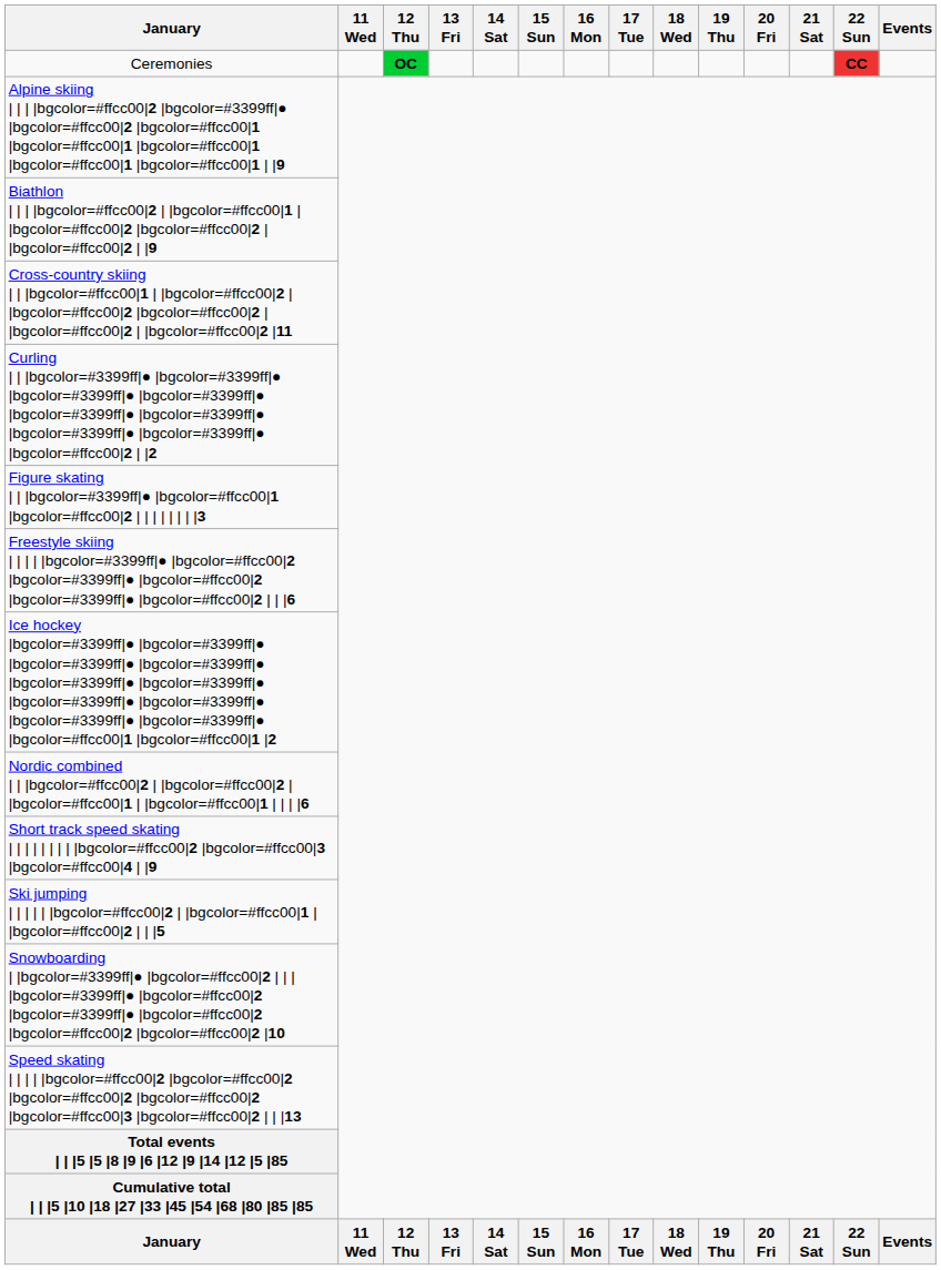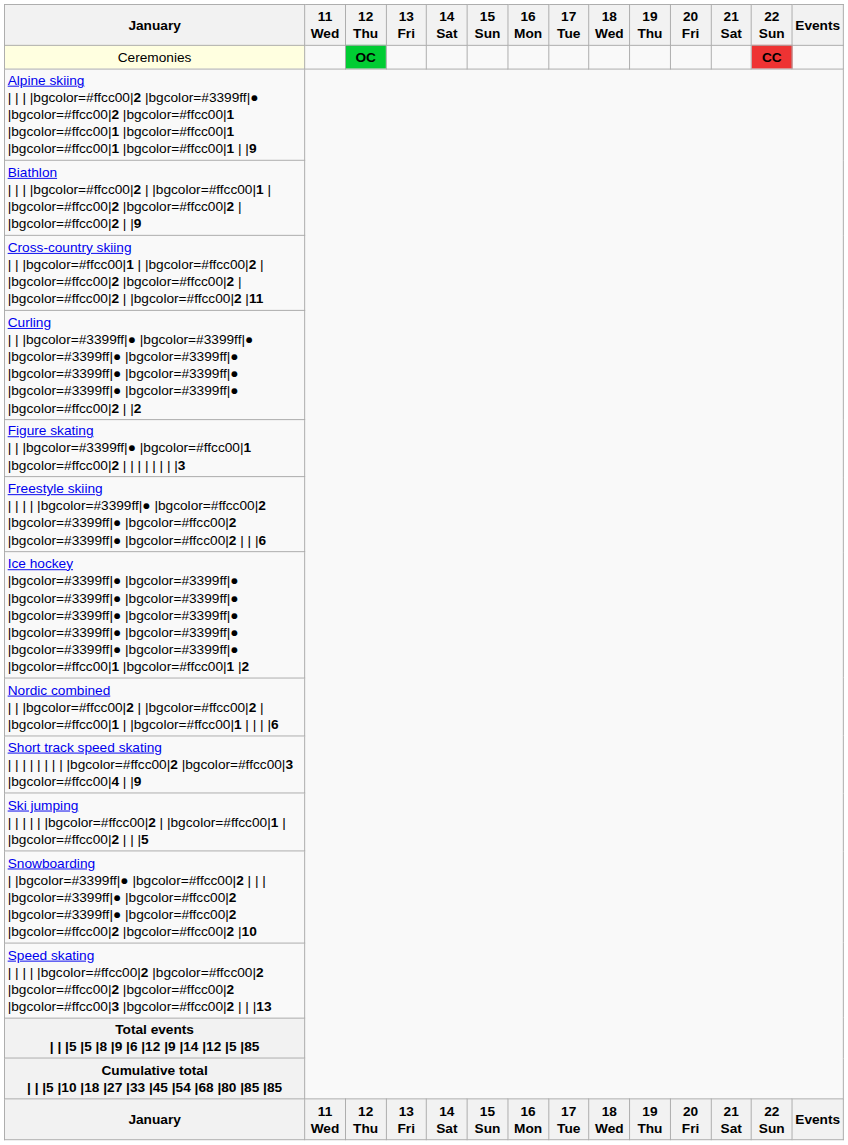 <table class="wikitable" style="text-align:center; margin:0.5em auto; font-size:90%; line-height:1.25em">
 <tr>
 <th>January</th>
 <th style="width:2.5em">11<br>Wed</th>
 <th style="width:2.5em">12<br>Thu</th>
 <th style="width:2.5em">13<br>Fri</th>
 <th style="width:2.5em">14<br>Sat</th>
 <th style="width:2.5em">15<br>Sun</th>
 <th style="width:2.5em">16<br>Mon</th>
 <th style="width:2.5em">17<br>Tue</th>
 <th style="width:2.5em">18<br>Wed</th>
 <th style="width:2.5em">19<br>Thu</th>
 <th style="width:2.5em">20<br>Fri</th>
 <th style="width:2.5em">21<br>Sat</th>
 <th style="width:2.5em">22<br>Sun</th>
 <th>Events</th>
 </tr>
 <tr>
-<td>Ceremonies</td>
+<td style="background: lightyellow;">Ceremonies</td>
 <td></td>
 <td style="background:#00cc33; text-align:center"><strong>OC</strong></td>
 <td></td>
 <td></td>
 <td></td>
 <td></td>
 <td></td>
 <td></td>
 <td></td>
 <td></td>
 <td></td>
 <td style="background:#ee3333; text-align:center"><strong>CC</strong></td>
 <td></td>
 </tr>
 <tr>
 <td style="text-align:left"> <a href='#'>Alpine skiing</a><br>| | | |bgcolor=#ffcc00|<strong>2</strong> |bgcolor=#3399ff|● |bgcolor=#ffcc00|<strong>2</strong> |bgcolor=#ffcc00|<strong>1</strong> |bgcolor=#ffcc00|<strong>1</strong> |bgcolor=#ffcc00|<strong>1</strong> |bgcolor=#ffcc00|<strong>1</strong> |bgcolor=#ffcc00|<strong>1</strong> | |<strong>9</strong></td>
 </tr>
 <tr>
 <td style="text-align:left"> <a href='#'>Biathlon</a><br>| | | |bgcolor=#ffcc00|<strong>2</strong> | |bgcolor=#ffcc00|<strong>1</strong> | |bgcolor=#ffcc00|<strong>2</strong> |bgcolor=#ffcc00|<strong>2</strong> | |bgcolor=#ffcc00|<strong>2</strong> | |<strong>9</strong></td>
 </tr>
 <tr>
 <td style="text-align:left"> <a href='#'>Cross-country skiing</a><br>| | |bgcolor=#ffcc00|<strong>1</strong> | |bgcolor=#ffcc00|<strong>2</strong> | |bgcolor=#ffcc00|<strong>2</strong> |bgcolor=#ffcc00|<strong>2</strong> | |bgcolor=#ffcc00|<strong>2</strong> |  |bgcolor=#ffcc00|<strong>2</strong> |<strong>11</strong></td>
 </tr>
 <tr>
 <td style="text-align:left"> <a href='#'>Curling</a><br>| | |bgcolor=#3399ff|● |bgcolor=#3399ff|● |bgcolor=#3399ff|● |bgcolor=#3399ff|● |bgcolor=#3399ff|● |bgcolor=#3399ff|● |bgcolor=#3399ff|● |bgcolor=#3399ff|● |bgcolor=#ffcc00|<strong>2</strong> | |<strong>2</strong></td>
 </tr>
 <tr>
 <td style="text-align:left"> <a href='#'>Figure skating</a><br>| | |bgcolor=#3399ff|● |bgcolor=#ffcc00|<strong>1</strong> |bgcolor=#ffcc00|<strong>2</strong> | | |  |  | | | |<strong>3</strong></td>
 </tr>
 <tr>
 <td style="text-align:left"> <a href='#'>Freestyle skiing</a><br>| | |  | |bgcolor=#3399ff|● |bgcolor=#ffcc00|<strong>2</strong> |bgcolor=#3399ff|● |bgcolor=#ffcc00|<strong>2</strong> |bgcolor=#3399ff|● |bgcolor=#ffcc00|<strong>2</strong> |  | |<strong>6</strong></td>
 </tr>
 <tr>
 <td style="text-align:left"> <a href='#'>Ice hockey</a><br>|bgcolor=#3399ff|● |bgcolor=#3399ff|● |bgcolor=#3399ff|● |bgcolor=#3399ff|● |bgcolor=#3399ff|● |bgcolor=#3399ff|● |bgcolor=#3399ff|● |bgcolor=#3399ff|● |bgcolor=#3399ff|● |bgcolor=#3399ff|● |bgcolor=#ffcc00|<strong>1</strong> |bgcolor=#ffcc00|<strong>1</strong> |<strong>2</strong></td>
 </tr>
 <tr>
 <td style="text-align:left"> <a href='#'>Nordic combined</a><br>| | |bgcolor=#ffcc00|<strong>2</strong> | |bgcolor=#ffcc00|<strong>2</strong> | |bgcolor=#ffcc00|<strong>1</strong> | |bgcolor=#ffcc00|<strong>1</strong> | | | |<strong>6</strong></td>
 </tr>
 <tr>
 <td style="text-align:left"> <a href='#'>Short track speed skating</a><br>| | | | | | | | |bgcolor=#ffcc00|<strong>2</strong> |bgcolor=#ffcc00|<strong>3</strong> |bgcolor=#ffcc00|<strong>4</strong> | |<strong>9</strong></td>
 </tr>
 <tr>
 <td style="text-align:left"> <a href='#'>Ski jumping</a><br>| | | | | |bgcolor=#ffcc00|<strong>2</strong> | |bgcolor=#ffcc00|<strong>1</strong> | |bgcolor=#ffcc00|<strong>2</strong> | | |<strong>5</strong></td>
 </tr>
 <tr>
 <td style="text-align:left"> <a href='#'>Snowboarding</a><br>| |bgcolor=#3399ff|● |bgcolor=#ffcc00|<strong>2</strong> | |  |  |bgcolor=#3399ff|● |bgcolor=#ffcc00|<strong>2</strong> |bgcolor=#3399ff|● |bgcolor=#ffcc00|<strong>2</strong> |bgcolor=#ffcc00|<strong>2</strong> |bgcolor=#ffcc00|<strong>2</strong> |<strong>10</strong></td>
 </tr>
 <tr>
 <td style="text-align:left"> <a href='#'>Speed skating</a><br>| | | | |bgcolor=#ffcc00|<strong>2</strong> |bgcolor=#ffcc00|<strong>2</strong> |bgcolor=#ffcc00|<strong>2</strong> |bgcolor=#ffcc00|<strong>2</strong> |bgcolor=#ffcc00|<strong>3</strong> |bgcolor=#ffcc00|<strong>2</strong> | | |<strong>13</strong></td>
 </tr>
 <tr>
 <th>Total events<br>| | |<strong>5</strong> |<strong>5</strong> |<strong>8</strong> |<strong>9</strong> |<strong>6</strong> |<strong>12</strong> |<strong>9</strong> |<strong>14</strong> |<strong>12</strong> |<strong>5</strong> |<strong>85</strong></th>
 </tr>
 <tr>
 <th>Cumulative total<br>| | |<strong>5</strong> |<strong>10</strong> |<strong>18</strong> |<strong>27</strong> |<strong>33</strong> |<strong>45</strong> |<strong>54</strong> |<strong>68</strong> |<strong>80</strong> |<strong>85</strong> |<strong>85</strong></th>
 </tr>
 <tr>
 <th>January</th>
 <th style="width:2.5em">11<br>Wed</th>
 <th style="width:2.5em">12<br>Thu</th>
 <th style="width:2.5em">13<br>Fri</th>
 <th style="width:2.5em">14<br>Sat</th>
 <th style="width:2.5em">15<br>Sun</th>
 <th style="width:2.5em">16<br>Mon</th>
 <th style="width:2.5em">17<br>Tue</th>
 <th style="width:2.5em">18<br>Wed</th>
 <th style="width:2.5em">19<br>Thu</th>
 <th style="width:2.5em">20<br>Fri</th>
 <th style="width:2.5em">21<br>Sat</th>
 <th style="width:2.5em">22<br>Sun</th>
 <th>Events</th>
 </tr>
 </table>
